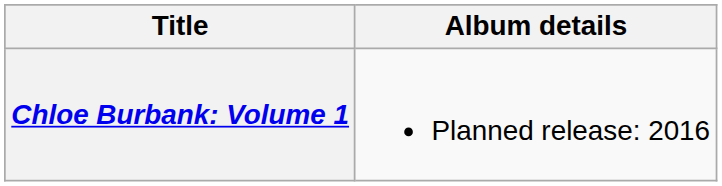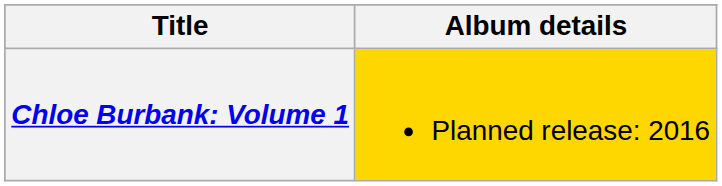 <table class="wikitable plainrowheaders">
 <tr>
 <th scope="col">Title</th>
 <th scope="col">Album details</th>
 </tr>
 <tr>
 <th scope="row"><em><a href='#'>Chloe Burbank: Volume 1</a></em></th>
-<td><br><ul><li>Planned release: 2016</li></ul></td>
+<td style="background: gold;"><br><ul><li>Planned release: 2016</li></ul></td>
 </tr>
 </table>
